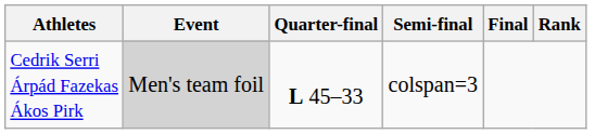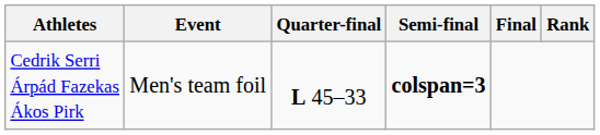 <table class="wikitable" style="text-align:left; font-size:90%">
 <tr>
 <th><small>Athletes</small></th>
 <th><small>Event</small></th>
 <th><small>Quarter-final</small></th>
 <th><small>Semi-final</small></th>
 <th><small>Final</small></th>
 <th><small>Rank</small></th>
 </tr>
 <tr align=center>
 <td align=left><small><a href='#'>Cedrik Serri</a><br><a href='#'>Árpád Fazekas</a><br><a href='#'>Ákos Pirk</a></small></td>
-<td align=left style="background: lightgrey;">Men's team foil</td>
+<td align=left>Men's team foil</td>
 <td><br><strong>L</strong> 45–33</td>
-<td>colspan=3 </td>
+<td><strong>colspan=3 </strong></td>
 </tr>
 </table>
